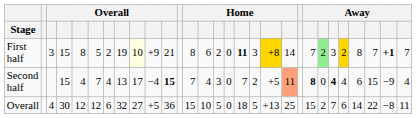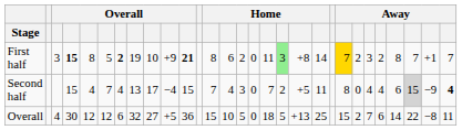 <table class="wikitable" style="text-align: right;">
 <tr>
 <th rawspan=2></th>
 <th rawspan=2></th>
 <th colspan=9>Overall</th>
 <th rawspan=1></th>
 <th colspan=8>Home</th>
 <th rawspan=1></th>
 <th colspan=8>Away</th>
 </tr>
 <tr>
 <th>Stage</th>
 <th></th>
 <th></th>
 <th></th>
 <th></th>
 <th></th>
 <th></th>
 <th></th>
 <th></th>
 <th></th>
 <th></th>
 <th></th>
 <th></th>
 <th></th>
 <th></th>
 <th></th>
 <th></th>
 <th></th>
 <th></th>
 <th></th>
 <th></th>
 <th></th>
 <th></th>
 <th></th>
 <th></th>
 <th></th>
 <th></th>
 <th></th>
 <th></th>
 </tr>
 <tr>
 <td align="left">First half</td>
 <td></td>
 <td>3</td>
-<td>15</td>
+<td><strong>15</strong></td>
 <td>8</td>
 <td>5</td>
-<td>2</td>
+<td><strong>2</strong></td>
 <td>19</td>
-<td style="background: lightyellow;">10</td>
+<td>10</td>
 <td>+9</td>
-<td>21</td>
+<td><strong>21</strong></td>
 <td></td>
 <td>8</td>
 <td>6</td>
 <td>2</td>
 <td>0</td>
-<td><strong>11</strong></td>
-<td>3</td>
-<td style="background: gold;">+8</td>
+<td>11</td>
+<td style="background: lightgreen;">3</td>
+<td>+8</td>
 <td>14</td>
 <td></td>
-<td>7</td>
-<td style="background: lightgreen;">2</td>
+<td style="background: gold;">7</td>
+<td>2</td>
 <td>3</td>
-<td style="background: gold;">2</td>
+<td>2</td>
 <td>8</td>
 <td>7</td>
-<td><strong>+1</strong></td>
+<td>+1</td>
 <td>7</td>
 </tr>
 <tr>
 <td align="left">Second half</td>
 <td></td>
 <td></td>
 <td>15</td>
 <td>4</td>
 <td>7</td>
 <td>4</td>
 <td>13</td>
 <td>17</td>
 <td>−4</td>
-<td><strong>15</strong></td>
+<td>15</td>
 <td></td>
 <td>7</td>
 <td>4</td>
 <td>3</td>
 <td>0</td>
 <td>7</td>
 <td>2</td>
 <td>+5</td>
-<td style="background: lightsalmon;">11</td>
+<td>11</td>
 <td></td>
-<td><strong>8</strong></td>
+<td>8</td>
 <td>0</td>
-<td><strong>4</strong></td>
+<td>4</td>
 <td>4</td>
 <td>6</td>
-<td>15</td>
+<td style="background: lightgrey;">15</td>
 <td>−9</td>
-<td>4</td>
+<td><strong>4</strong></td>
 </tr>
 <tr>
 <td align="left">Overall</td>
 <td></td>
 <td>4</td>
 <td>30</td>
 <td>12</td>
 <td>12</td>
 <td>6</td>
 <td>32</td>
 <td>27</td>
 <td>+5</td>
 <td>36</td>
 <td></td>
 <td>15</td>
 <td>10</td>
 <td>5</td>
 <td>0</td>
 <td>18</td>
 <td>5</td>
 <td>+13</td>
 <td>25</td>
 <td></td>
 <td>15</td>
 <td>2</td>
 <td>7</td>
 <td>6</td>
 <td>14</td>
 <td>22</td>
 <td>−8</td>
 <td>11</td>
 </tr>
 </table>
